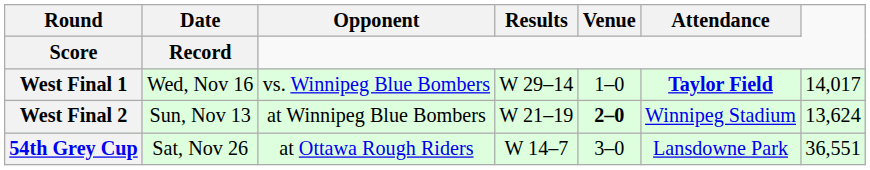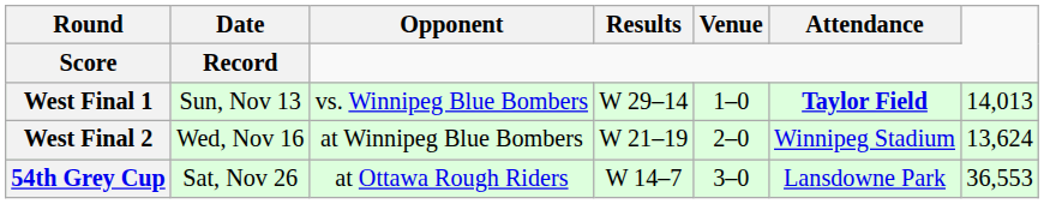 <table class="wikitable" style="text-align:center">
 <tr>
 <th>Round</th>
 <th>Date</th>
 <th>Opponent</th>
 <th>Results</th>
 <th>Venue</th>
 <th>Attendance</th>
 </tr>
 <tr>
 <th>Score</th>
 <th>Record</th>
 </tr>
 <tr style="background:#ddffdd">
 <th>West Final 1</th>
-<td>Wed, Nov 16</td>
+<td>Sun, Nov 13</td>
 <td>vs. <a href='#'>Winnipeg Blue Bombers</a></td>
 <td>W 29–14</td>
 <td>1–0</td>
 <td><strong><a href='#'>Taylor Field</a></strong></td>
-<td>14,017</td>
+<td>14,013</td>
 </tr>
 <tr style="background:#ddffdd">
 <th>West Final 2</th>
-<td>Sun, Nov 13</td>
+<td>Wed, Nov 16</td>
 <td>at Winnipeg Blue Bombers</td>
 <td>W 21–19</td>
-<td><strong>2–0</strong></td>
+<td>2–0</td>
 <td><a href='#'>Winnipeg Stadium</a></td>
 <td>13,624</td>
 </tr>
 <tr align="center" bgcolor="#ddffdd">
 <th><a href='#'>54th Grey Cup</a></th>
 <td>Sat, Nov 26</td>
 <td>at <a href='#'>Ottawa Rough Riders</a></td>
 <td>W 14–7</td>
 <td>3–0</td>
 <td><a href='#'>Lansdowne Park</a></td>
-<td>36,551</td>
+<td>36,553</td>
 </tr>
 </table>
